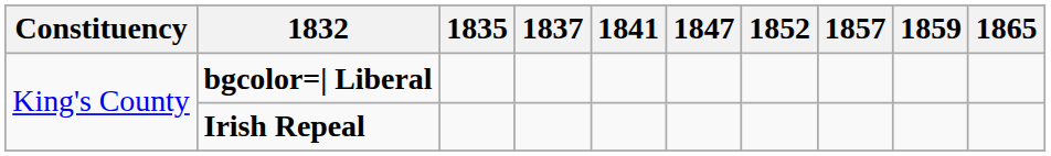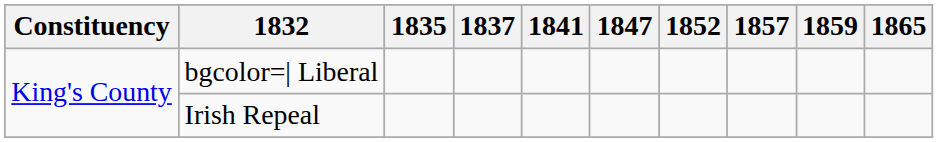 <table class=wikitable sortable>
 <tr>
 <th>Constituency</th>
 <th>1832</th>
 <th>1835</th>
 <th>1837</th>
 <th>1841</th>
 <th>1847</th>
 <th>1852</th>
 <th>1857</th>
 <th>1859</th>
 <th>1865</th>
 </tr>
 <tr>
 <td rowspan=2><a href='#'>King's County</a></td>
-<td align=center><strong>bgcolor=| Liberal</strong></td>
+<td align=center>bgcolor=| Liberal</td>
 <td></td>
 <td></td>
 <td></td>
 <td></td>
 <td></td>
 <td></td>
 <td></td>
 <td></td>
 </tr>
 <tr>
-<td bgcolor=><strong>Irish Repeal</strong></td>
+<td bgcolor=>Irish Repeal</td>
 <td></td>
 <td></td>
 <td></td>
 <td></td>
 <td></td>
 <td></td>
 <td></td>
 <td></td>
 </tr>
 </table>
